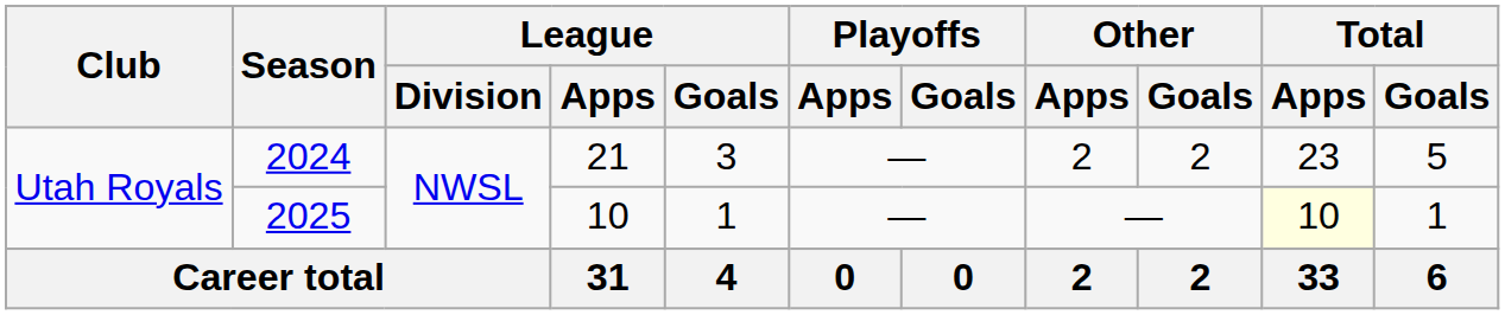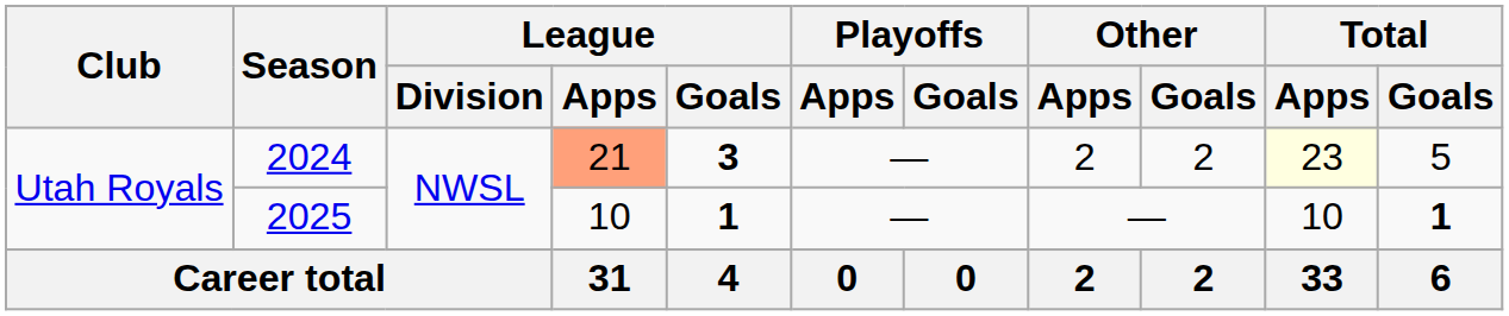 <table class="wikitable" style="text-align: center;">
 <tr>
 <th rowspan="2">Club</th>
 <th rowspan="2">Season</th>
 <th colspan="3">League</th>
 <th colspan="2">Playoffs</th>
 <th colspan="2">Other</th>
 <th colspan="2">Total</th>
 </tr>
 <tr>
 <th>Division</th>
 <th>Apps</th>
 <th>Goals</th>
 <th>Apps</th>
 <th>Goals</th>
 <th>Apps</th>
 <th>Goals</th>
 <th>Apps</th>
 <th>Goals</th>
 </tr>
 <tr>
 <td rowspan="2"><a href='#'>Utah Royals</a></td>
 <td><a href='#'>2024</a></td>
 <td rowspan="2"><a href='#'>NWSL</a></td>
-<td>21</td>
-<td>3</td>
+<td style="background: lightsalmon;">21</td>
+<td><strong>3</strong></td>
 <td colspan="2">—</td>
 <td>2</td>
 <td>2</td>
-<td>23</td>
+<td style="background: lightyellow;">23</td>
 <td>5</td>
 </tr>
 <tr>
 <td><a href='#'>2025</a></td>
 <td>10</td>
-<td>1</td>
+<td><strong>1</strong></td>
 <td colspan="2">—</td>
 <td colspan="2">—</td>
-<td style="background: lightyellow;">10</td>
-<td>1</td>
+<td>10</td>
+<td><strong>1</strong></td>
 </tr>
 <tr>
 <th colspan="3">Career total</th>
 <th>31</th>
 <th>4</th>
 <th>0</th>
 <th>0</th>
 <th>2</th>
 <th>2</th>
 <th>33</th>
 <th>6</th>
 </tr>
 </table>
